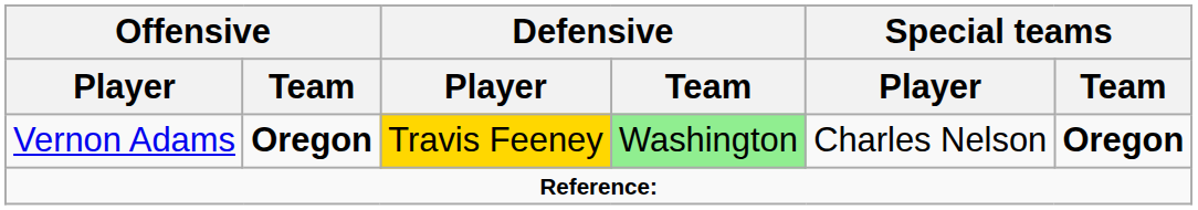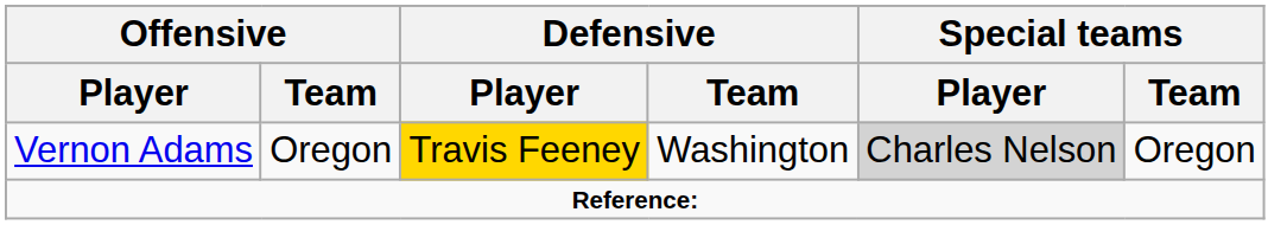 <table class="wikitable">
 <tr>
 <th colspan="2">Offensive</th>
 <th colspan="2">Defensive</th>
 <th colspan="2">Special teams</th>
 </tr>
 <tr>
 <th>Player</th>
 <th>Team</th>
 <th>Player</th>
 <th>Team</th>
 <th>Player</th>
 <th>Team</th>
 </tr>
 <tr>
 <td><a href='#'>Vernon Adams</a></td>
-<td><strong>Oregon</strong></td>
+<td>Oregon</td>
 <td style="background: gold;">Travis Feeney</td>
-<td style="background: lightgreen;">Washington</td>
-<td>Charles Nelson</td>
-<td><strong>Oregon</strong></td>
+<td>Washington</td>
+<td style="background: lightgrey;">Charles Nelson</td>
+<td>Oregon</td>
 </tr>
 <tr>
 <td colspan="12"  style="font-size:8pt; text-align:center;"><strong>Reference:</strong></td>
 </tr>
 </table>
